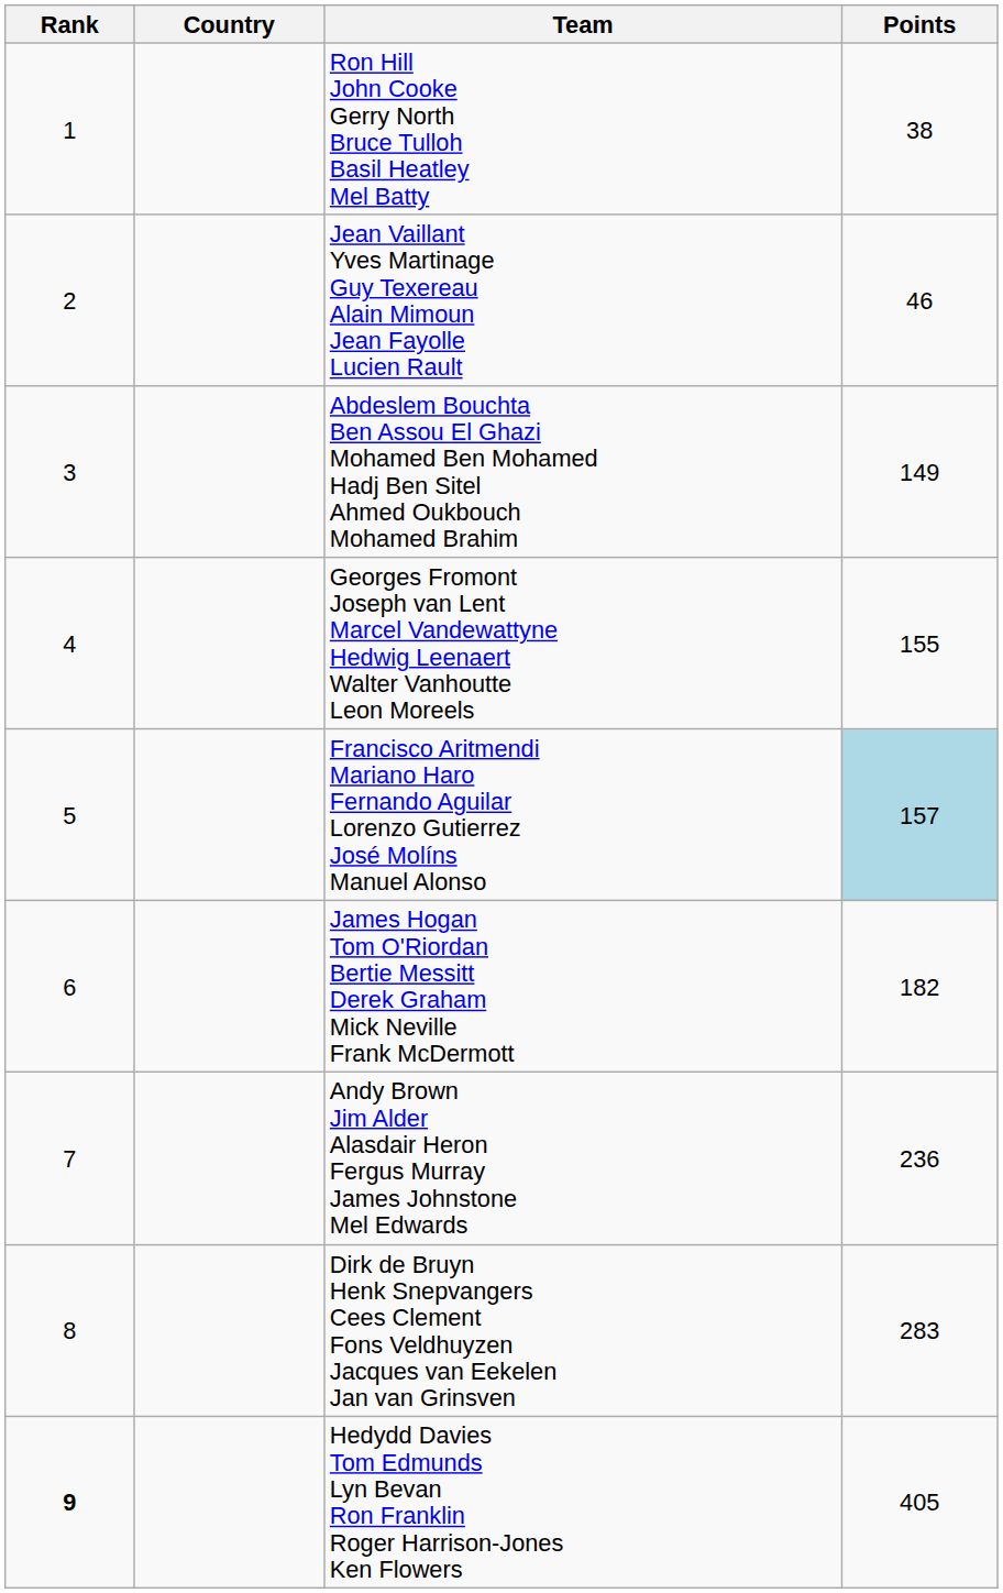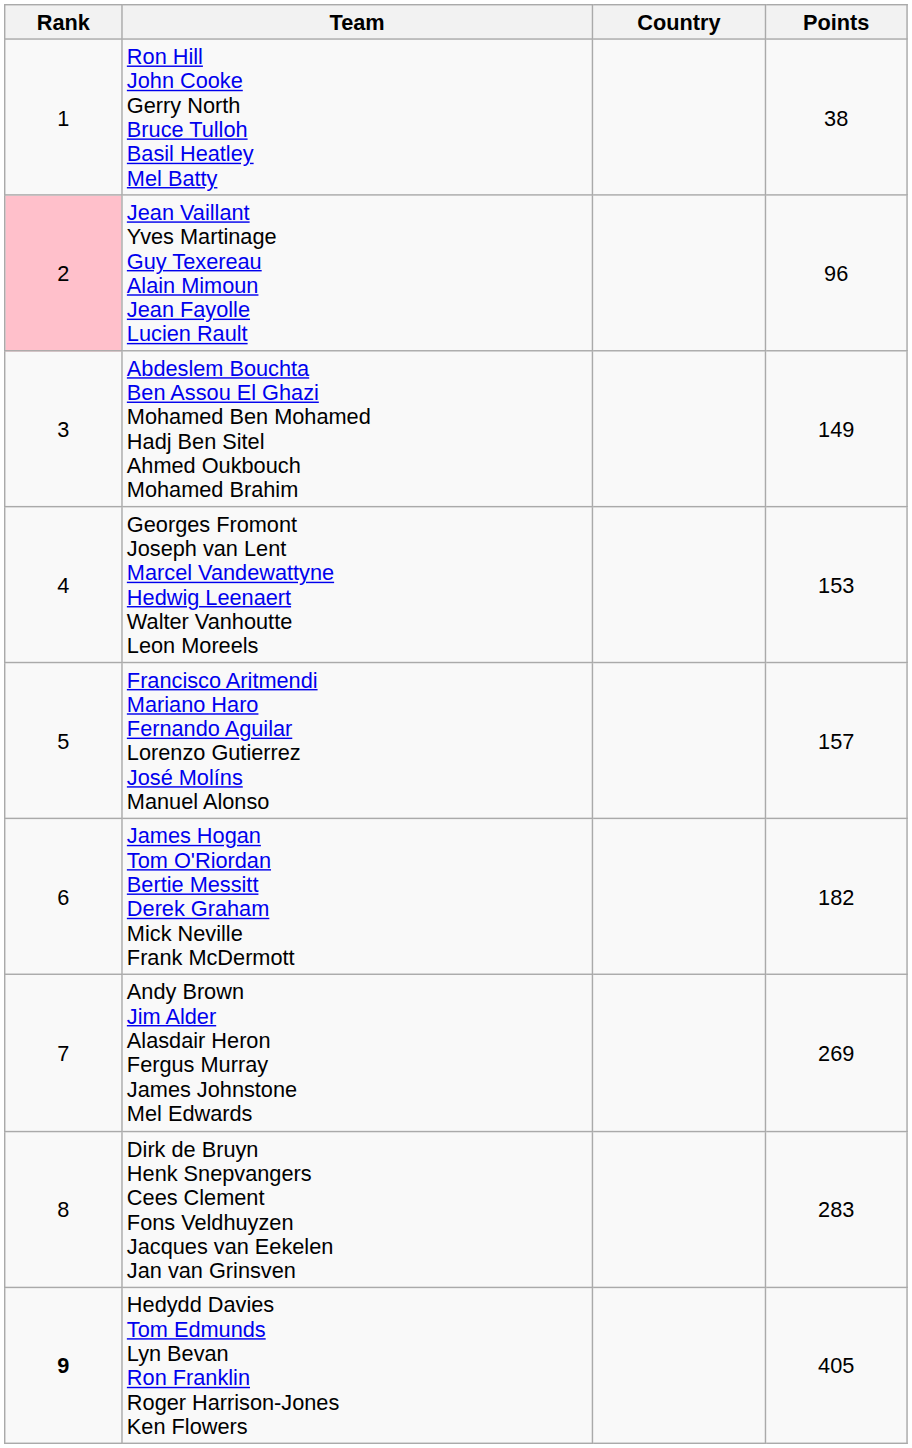 <table class="wikitable sortable" style=" text-align:center; font-size:95%;" width="50%">
 <tr>
 <th>Rank</th>
+<th>Team</th>
 <th>Country</th>
-<th>Team</th>
 <th>Points</th>
 </tr>
 <tr>
 <td align=center>1</td>
+<td align=left><a href='#'>Ron Hill</a><br><a href='#'>John Cooke</a><br>Gerry North<br><a href='#'>Bruce Tulloh</a><br><a href='#'>Basil Heatley</a><br><a href='#'>Mel Batty</a></td>
 <td align=left></td>
-<td align=left><a href='#'>Ron Hill</a><br><a href='#'>John Cooke</a><br>Gerry North<br><a href='#'>Bruce Tulloh</a><br><a href='#'>Basil Heatley</a><br><a href='#'>Mel Batty</a></td>
 <td>38</td>
 </tr>
 <tr>
-<td align=center>2</td>
+<td align=center style="background: pink;">2</td>
+<td align=left><a href='#'>Jean Vaillant</a><br>Yves Martinage<br><a href='#'>Guy Texereau</a><br><a href='#'>Alain Mimoun</a><br><a href='#'>Jean Fayolle</a><br><a href='#'>Lucien Rault</a></td>
 <td align=left></td>
-<td align=left><a href='#'>Jean Vaillant</a><br>Yves Martinage<br><a href='#'>Guy Texereau</a><br><a href='#'>Alain Mimoun</a><br><a href='#'>Jean Fayolle</a><br><a href='#'>Lucien Rault</a></td>
-<td>46</td>
+<td>96</td>
 </tr>
 <tr>
 <td align=center>3</td>
+<td align=left><a href='#'>Abdeslem Bouchta</a><br><a href='#'>Ben Assou El Ghazi</a><br>Mohamed Ben Mohamed<br>Hadj Ben Sitel<br>Ahmed Oukbouch<br>Mohamed Brahim</td>
 <td align=left></td>
-<td align=left><a href='#'>Abdeslem Bouchta</a><br><a href='#'>Ben Assou El Ghazi</a><br>Mohamed Ben Mohamed<br>Hadj Ben Sitel<br>Ahmed Oukbouch<br>Mohamed Brahim</td>
 <td>149</td>
 </tr>
 <tr>
 <td align=center>4</td>
+<td align=left>Georges Fromont<br>Joseph van Lent<br><a href='#'>Marcel Vandewattyne</a><br><a href='#'>Hedwig Leenaert</a><br>Walter Vanhoutte<br>Leon Moreels</td>
 <td align=left></td>
-<td align=left>Georges Fromont<br>Joseph van Lent<br><a href='#'>Marcel Vandewattyne</a><br><a href='#'>Hedwig Leenaert</a><br>Walter Vanhoutte<br>Leon Moreels</td>
-<td>155</td>
+<td>153</td>
 </tr>
 <tr>
 <td align=center>5</td>
+<td align=left><a href='#'>Francisco Aritmendi</a><br><a href='#'>Mariano Haro</a><br><a href='#'>Fernando Aguilar</a><br>Lorenzo Gutierrez<br><a href='#'>José Molíns</a><br>Manuel Alonso</td>
 <td align=left></td>
-<td align=left><a href='#'>Francisco Aritmendi</a><br><a href='#'>Mariano Haro</a><br><a href='#'>Fernando Aguilar</a><br>Lorenzo Gutierrez<br><a href='#'>José Molíns</a><br>Manuel Alonso</td>
-<td style="background: lightblue;">157</td>
+<td>157</td>
 </tr>
 <tr>
 <td align=center>6</td>
+<td align=left><a href='#'>James Hogan</a><br><a href='#'>Tom O'Riordan</a><br><a href='#'>Bertie Messitt</a><br><a href='#'>Derek Graham</a><br>Mick Neville<br>Frank McDermott</td>
 <td align=left></td>
-<td align=left><a href='#'>James Hogan</a><br><a href='#'>Tom O'Riordan</a><br><a href='#'>Bertie Messitt</a><br><a href='#'>Derek Graham</a><br>Mick Neville<br>Frank McDermott</td>
 <td>182</td>
 </tr>
 <tr>
 <td align=center>7</td>
+<td align=left>Andy Brown<br><a href='#'>Jim Alder</a><br>Alasdair Heron<br>Fergus Murray<br>James Johnstone<br>Mel Edwards</td>
 <td align=left></td>
-<td align=left>Andy Brown<br><a href='#'>Jim Alder</a><br>Alasdair Heron<br>Fergus Murray<br>James Johnstone<br>Mel Edwards</td>
-<td>236</td>
+<td>269</td>
 </tr>
 <tr>
 <td align=center>8</td>
+<td align=left>Dirk de Bruyn<br>Henk Snepvangers<br>Cees Clement<br>Fons Veldhuyzen<br>Jacques van Eekelen<br>Jan van Grinsven</td>
 <td align=left></td>
-<td align=left>Dirk de Bruyn<br>Henk Snepvangers<br>Cees Clement<br>Fons Veldhuyzen<br>Jacques van Eekelen<br>Jan van Grinsven</td>
 <td>283</td>
 </tr>
 <tr>
 <td align=center><strong>9</strong></td>
+<td align=left>Hedydd Davies<br><a href='#'>Tom Edmunds</a><br>Lyn Bevan<br><a href='#'>Ron Franklin</a><br>Roger Harrison-Jones<br>Ken Flowers</td>
 <td align=left></td>
-<td align=left>Hedydd Davies<br><a href='#'>Tom Edmunds</a><br>Lyn Bevan<br><a href='#'>Ron Franklin</a><br>Roger Harrison-Jones<br>Ken Flowers</td>
 <td>405</td>
 </tr>
 </table>
